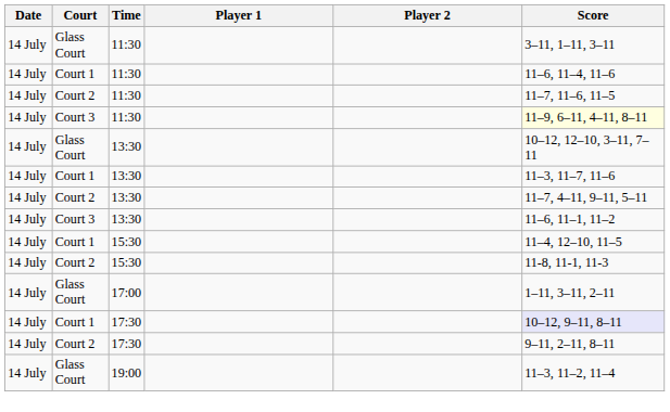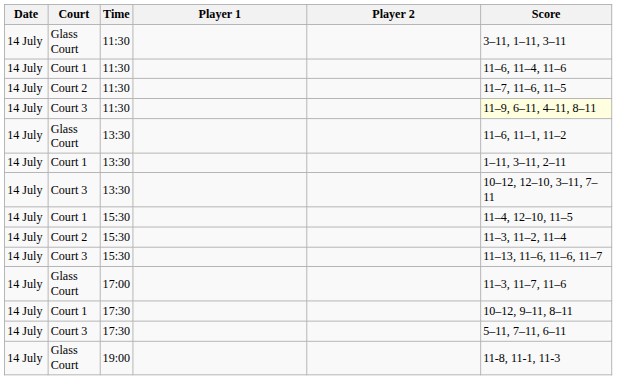 <table class="sortable wikitable" style="font-size:90%">
 <tr>
 <th width="45" class="unsortable">Date</th>
 <th width="55">Court</th>
 <th width="30">Time</th>
 <th width="200">Player 1</th>
 <th width="200">Player 2</th>
 <th width="150" class="unsortable">Score</th>
 </tr>
 <tr>
 <td>14 July</td>
 <td>Glass Court</td>
 <td>11:30</td>
 <td></td>
 <td><strong></strong></td>
 <td>3–11, 1–11, 3–11</td>
 </tr>
 <tr>
 <td>14 July</td>
 <td>Court 1</td>
 <td>11:30</td>
 <td><strong></strong></td>
 <td></td>
 <td>11–6, 11–4, 11–6</td>
 </tr>
 <tr>
 <td>14 July</td>
 <td>Court 2</td>
 <td>11:30</td>
 <td><strong></strong></td>
 <td></td>
 <td>11–7, 11–6, 11–5</td>
 </tr>
 <tr>
 <td>14 July</td>
 <td>Court 3</td>
 <td>11:30</td>
 <td></td>
 <td><strong></strong></td>
 <td style="background: lightyellow;">11–9, 6–11, 4–11, 8–11</td>
 </tr>
 <tr>
 <td>14 July</td>
 <td>Glass Court</td>
 <td>13:30</td>
 <td><strong></strong></td>
 <td></td>
-<td>10–12, 12–10, 3–11, 7–11</td>
+<td>11–6, 11–1, 11–2</td>
 </tr>
 <tr>
 <td>14 July</td>
 <td>Court 1</td>
 <td>13:30</td>
 <td></td>
 <td><strong></strong></td>
-<td>11–3, 11–7, 11–6</td>
-</tr>
-<tr>
-<td>14 July</td>
-<td>Court 2</td>
-<td>13:30</td>
-<td></td>
-<td><strong></strong></td>
-<td>11–7, 4–11, 9–11, 5–11</td>
+<td>1–11, 3–11, 2–11</td>
 </tr>
 <tr>
 <td>14 July</td>
 <td>Court 3</td>
 <td>13:30</td>
 <td></td>
 <td><strong></strong></td>
-<td>11–6, 11–1, 11–2</td>
+<td>10–12, 12–10, 3–11, 7–11</td>
 </tr>
 <tr>
 <td>14 July</td>
 <td>Court 1</td>
 <td>15:30</td>
 <td><strong></strong></td>
 <td></td>
 <td>11–4, 12–10, 11–5</td>
 </tr>
 <tr>
 <td>14 July</td>
 <td>Court 2</td>
 <td>15:30</td>
 <td><strong></strong></td>
 <td></td>
-<td>11-8, 11-1, 11-3</td>
+<td>11–3, 11–2, 11–4</td>
+</tr>
+<tr>
+<td>14 July</td>
+<td>Court 3</td>
+<td>15:30</td>
+<td><strong></strong></td>
+<td></td>
+<td>11–13, 11–6, 11–6, 11–7</td>
 </tr>
 <tr>
 <td>14 July</td>
 <td>Glass Court</td>
 <td>17:00</td>
 <td><strong></strong></td>
 <td></td>
-<td>1–11, 3–11, 2–11</td>
+<td>11–3, 11–7, 11–6</td>
 </tr>
 <tr>
 <td>14 July</td>
 <td>Court 1</td>
 <td>17:30</td>
 <td></td>
 <td><strong></strong></td>
-<td style="background: lavender;">10–12, 9–11, 8–11</td>
+<td>10–12, 9–11, 8–11</td>
 </tr>
 <tr>
 <td>14 July</td>
-<td>Court 2</td>
+<td>Court 3</td>
 <td>17:30</td>
 <td></td>
 <td><strong></strong></td>
-<td>9–11, 2–11, 8–11</td>
+<td>5–11, 7–11, 6–11</td>
 </tr>
 <tr>
 <td>14 July</td>
 <td>Glass Court</td>
 <td>19:00</td>
 <td><strong></strong></td>
 <td></td>
-<td>11–3, 11–2, 11–4</td>
+<td>11-8, 11-1, 11-3</td>
 </tr>
 </table>
